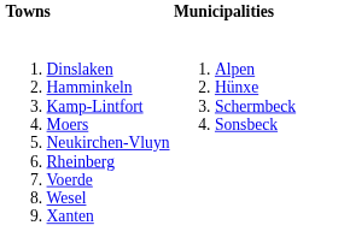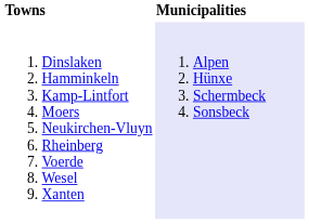 <table>
 <tr>
 <th align=left width=50%>Towns</th>
 <th align=left width=50%>Municipalities</th>
 </tr>
 <tr valign=top>
 <td><br><ol><li><a href='#'>Dinslaken</a></li><li><a href='#'>Hamminkeln</a></li><li><a href='#'>Kamp-Lintfort</a></li><li><a href='#'>Moers</a></li><li><a href='#'>Neukirchen-Vluyn</a></li><li><a href='#'>Rheinberg</a></li><li><a href='#'>Voerde</a></li><li><a href='#'>Wesel</a></li><li><a href='#'>Xanten</a></li></ol></td>
-<td><br><ol><li><a href='#'>Alpen</a></li><li><a href='#'>Hünxe</a></li><li><a href='#'>Schermbeck</a></li><li><a href='#'>Sonsbeck</a></li></ol></td>
+<td style="background: lavender;"><br><ol><li><a href='#'>Alpen</a></li><li><a href='#'>Hünxe</a></li><li><a href='#'>Schermbeck</a></li><li><a href='#'>Sonsbeck</a></li></ol></td>
 </tr>
 </table>
